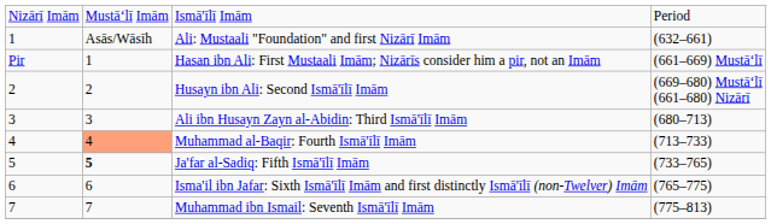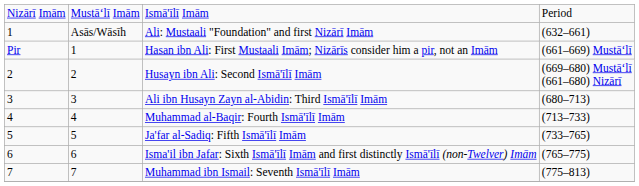 <table class="wikitable">
 <tr>
 <td><a href='#'>Nizārī</a> <a href='#'>Imām</a></td>
 <td><a href='#'>Mustā‘lī</a> <a href='#'>Imām</a></td>
 <td><a href='#'>Ismā'īlī</a> <a href='#'>Imām</a></td>
 <td>Period</td>
 </tr>
 <tr>
 <td>1</td>
 <td>Asās/Wāsīh</td>
 <td><a href='#'>Ali</a>: <a href='#'>Mustaali</a> "Foundation" and first <a href='#'>Nizārī</a> <a href='#'>Imām</a></td>
 <td>(632–661)</td>
 </tr>
 <tr>
 <td><a href='#'>Pir</a></td>
 <td>1</td>
 <td><a href='#'>Hasan ibn Ali</a>: First <a href='#'>Mustaali</a> <a href='#'>Imām</a>; <a href='#'>Nizārīs</a> consider him a <a href='#'>pir</a>, not an <a href='#'>Imām</a></td>
 <td>(661–669) <a href='#'>Mustā‘lī</a></td>
 </tr>
 <tr>
 <td>2</td>
 <td>2</td>
 <td><a href='#'>Husayn ibn Ali</a>: Second <a href='#'>Ismā'īlī</a> <a href='#'>Imām</a></td>
 <td>(669–680) <a href='#'>Mustā‘lī</a> <br> (661–680) <a href='#'>Nizārī</a></td>
 </tr>
 <tr>
 <td>3</td>
 <td>3</td>
 <td><a href='#'>Ali ibn Husayn Zayn al-Abidin</a>: Third <a href='#'>Ismā'īlī</a> <a href='#'>Imām</a></td>
 <td>(680–713)</td>
 </tr>
 <tr>
 <td>4</td>
-<td style="background: lightsalmon;">4</td>
+<td>4</td>
 <td><a href='#'>Muhammad al-Baqir</a>: Fourth <a href='#'>Ismā'īlī</a> <a href='#'>Imām</a></td>
 <td>(713–733)</td>
 </tr>
 <tr>
 <td>5</td>
-<td><strong>5</strong></td>
+<td>5</td>
 <td><a href='#'>Ja'far al-Sadiq</a>: Fifth <a href='#'>Ismā'īlī</a> <a href='#'>Imām</a></td>
 <td>(733–765)</td>
 </tr>
 <tr>
 <td>6</td>
 <td>6</td>
 <td><a href='#'>Isma'il ibn Jafar</a>: Sixth <a href='#'>Ismā'īlī</a> <a href='#'>Imām</a> and first distinctly <a href='#'>Ismā'īlī</a> <em>(non-<a href='#'>Twelver</a>) <a href='#'>Imām</a></em></td>
 <td>(765–775)</td>
 </tr>
 <tr>
 <td>7</td>
 <td>7</td>
 <td><a href='#'>Muhammad ibn Ismail</a>: Seventh <a href='#'>Ismā'īlī</a> <a href='#'>Imām</a></td>
 <td>(775–813)</td>
 </tr>
 <tr>
 </tr>
 </table>
